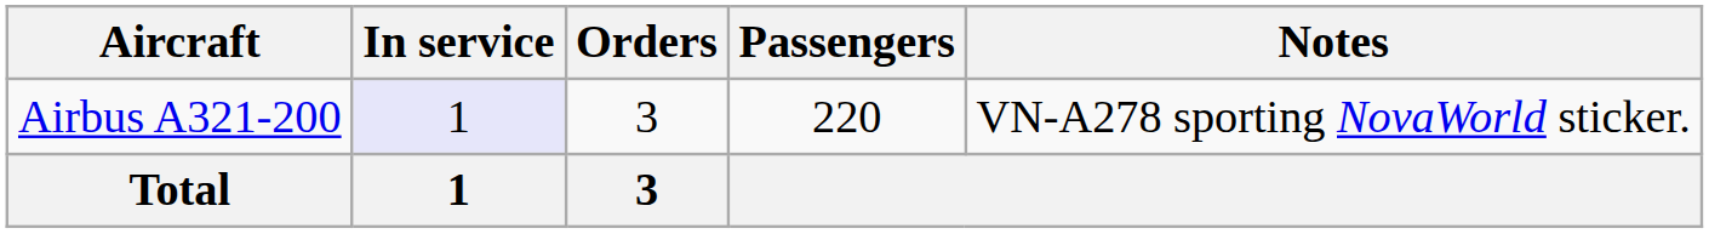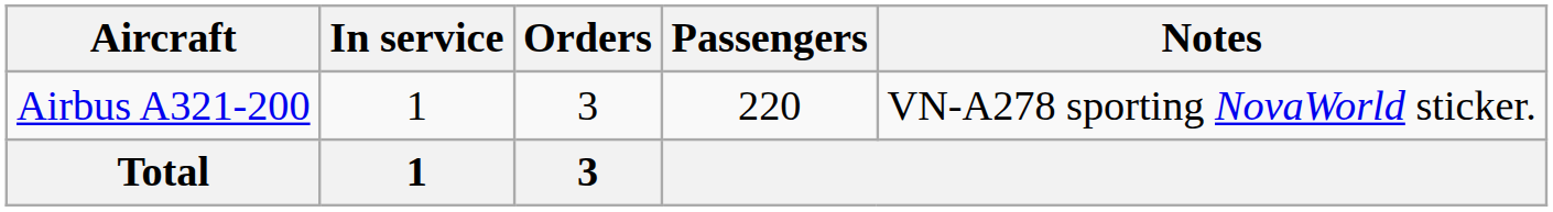 <table class="wikitable" style="margin:1em auto; border-collapse:collapse;text-align:center">
 <tr>
 <th>Aircraft</th>
 <th>In service</th>
 <th>Orders</th>
 <th>Passengers</th>
 <th>Notes</th>
 </tr>
 <tr>
 <td><a href='#'>Airbus A321-200</a></td>
-<td style="background: lavender;">1</td>
+<td>1</td>
 <td>3</td>
 <td>220</td>
 <td>VN-A278 sporting <em><a href='#'>NovaWorld</a></em> sticker.</td>
 </tr>
 <tr>
 <th>Total</th>
 <th>1</th>
 <th>3</th>
 <th colspan="2"></th>
 </tr>
 </table>
